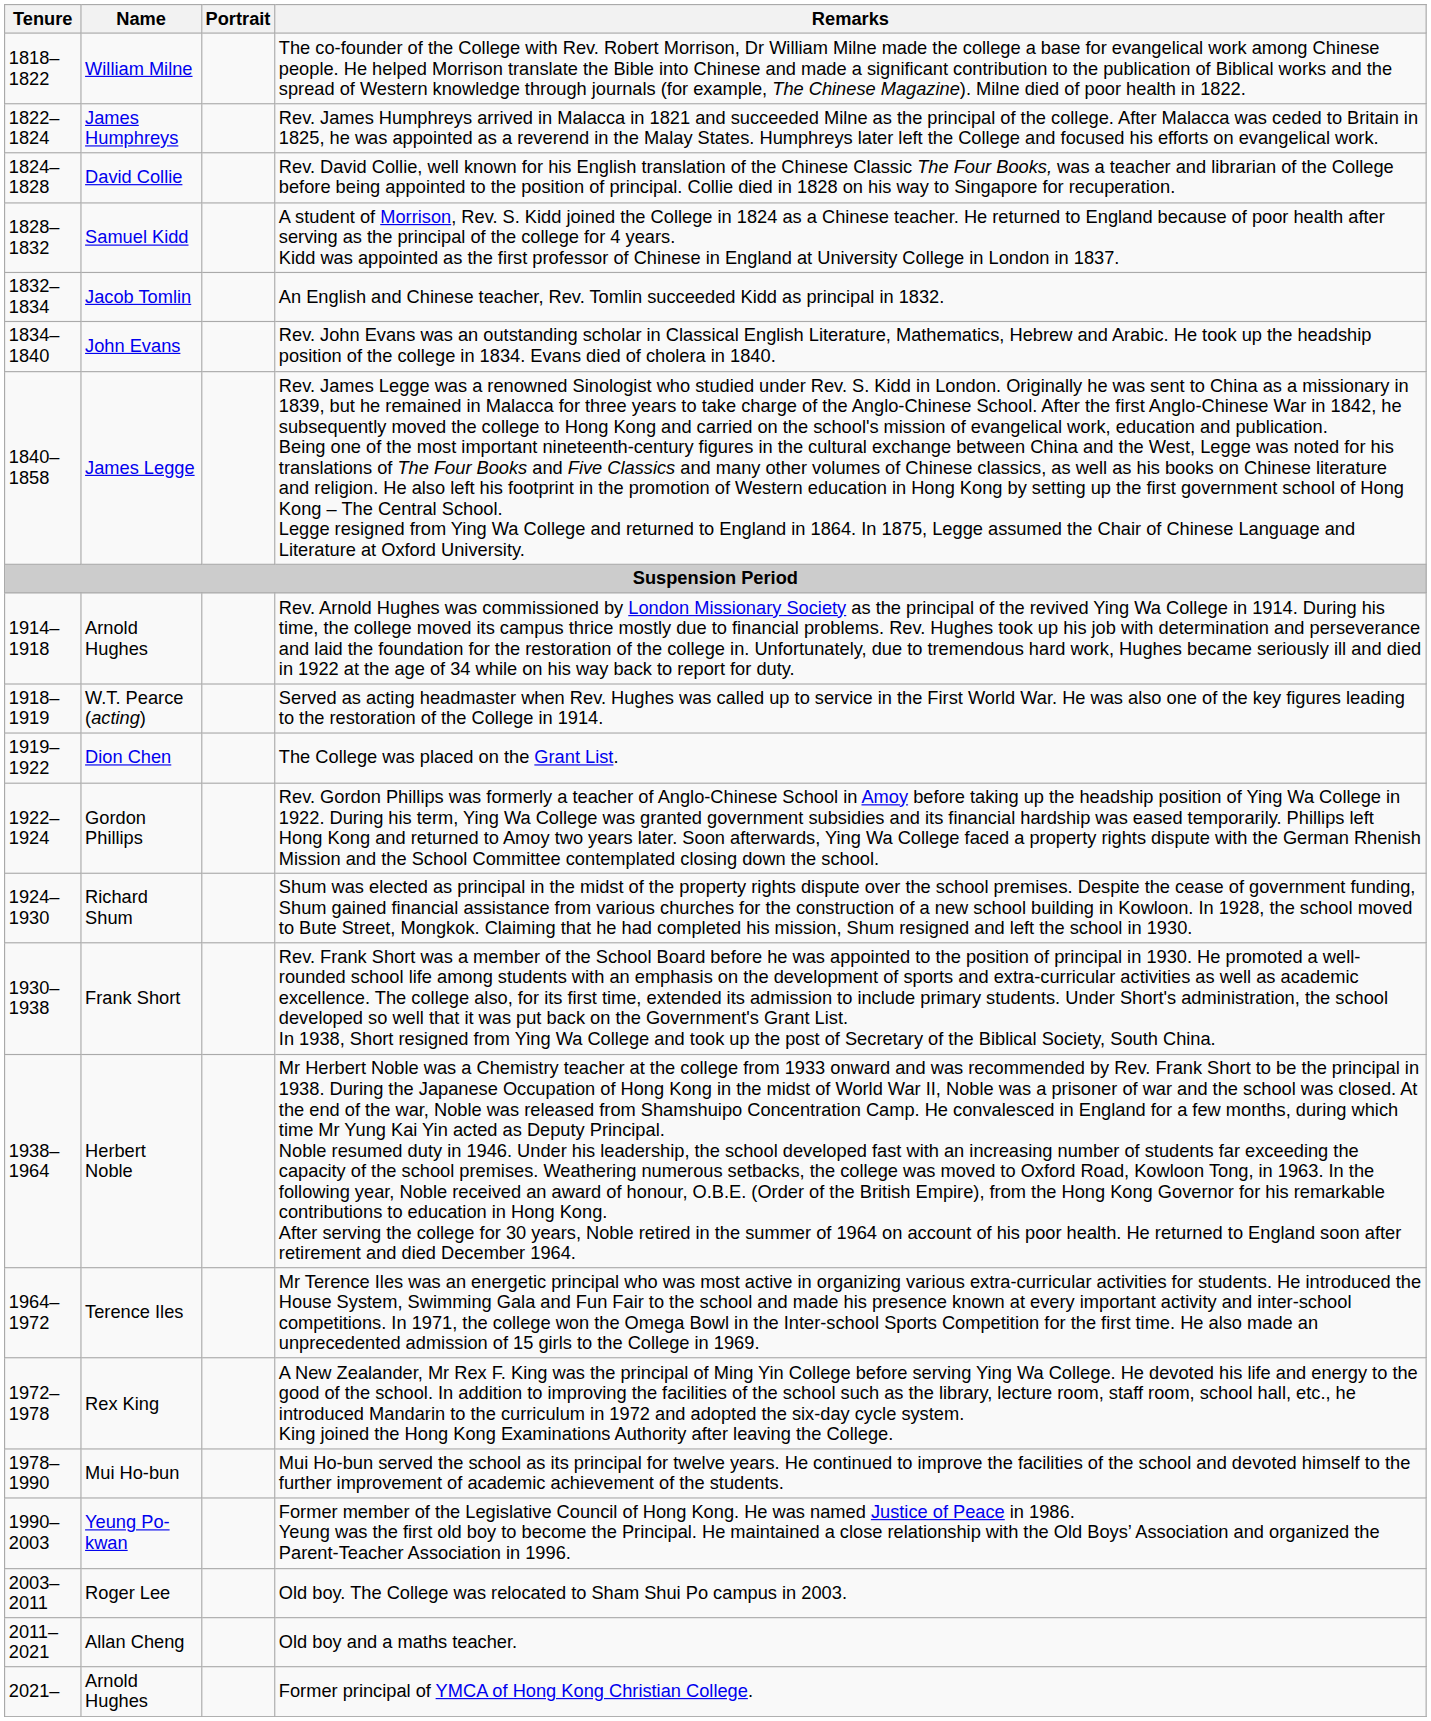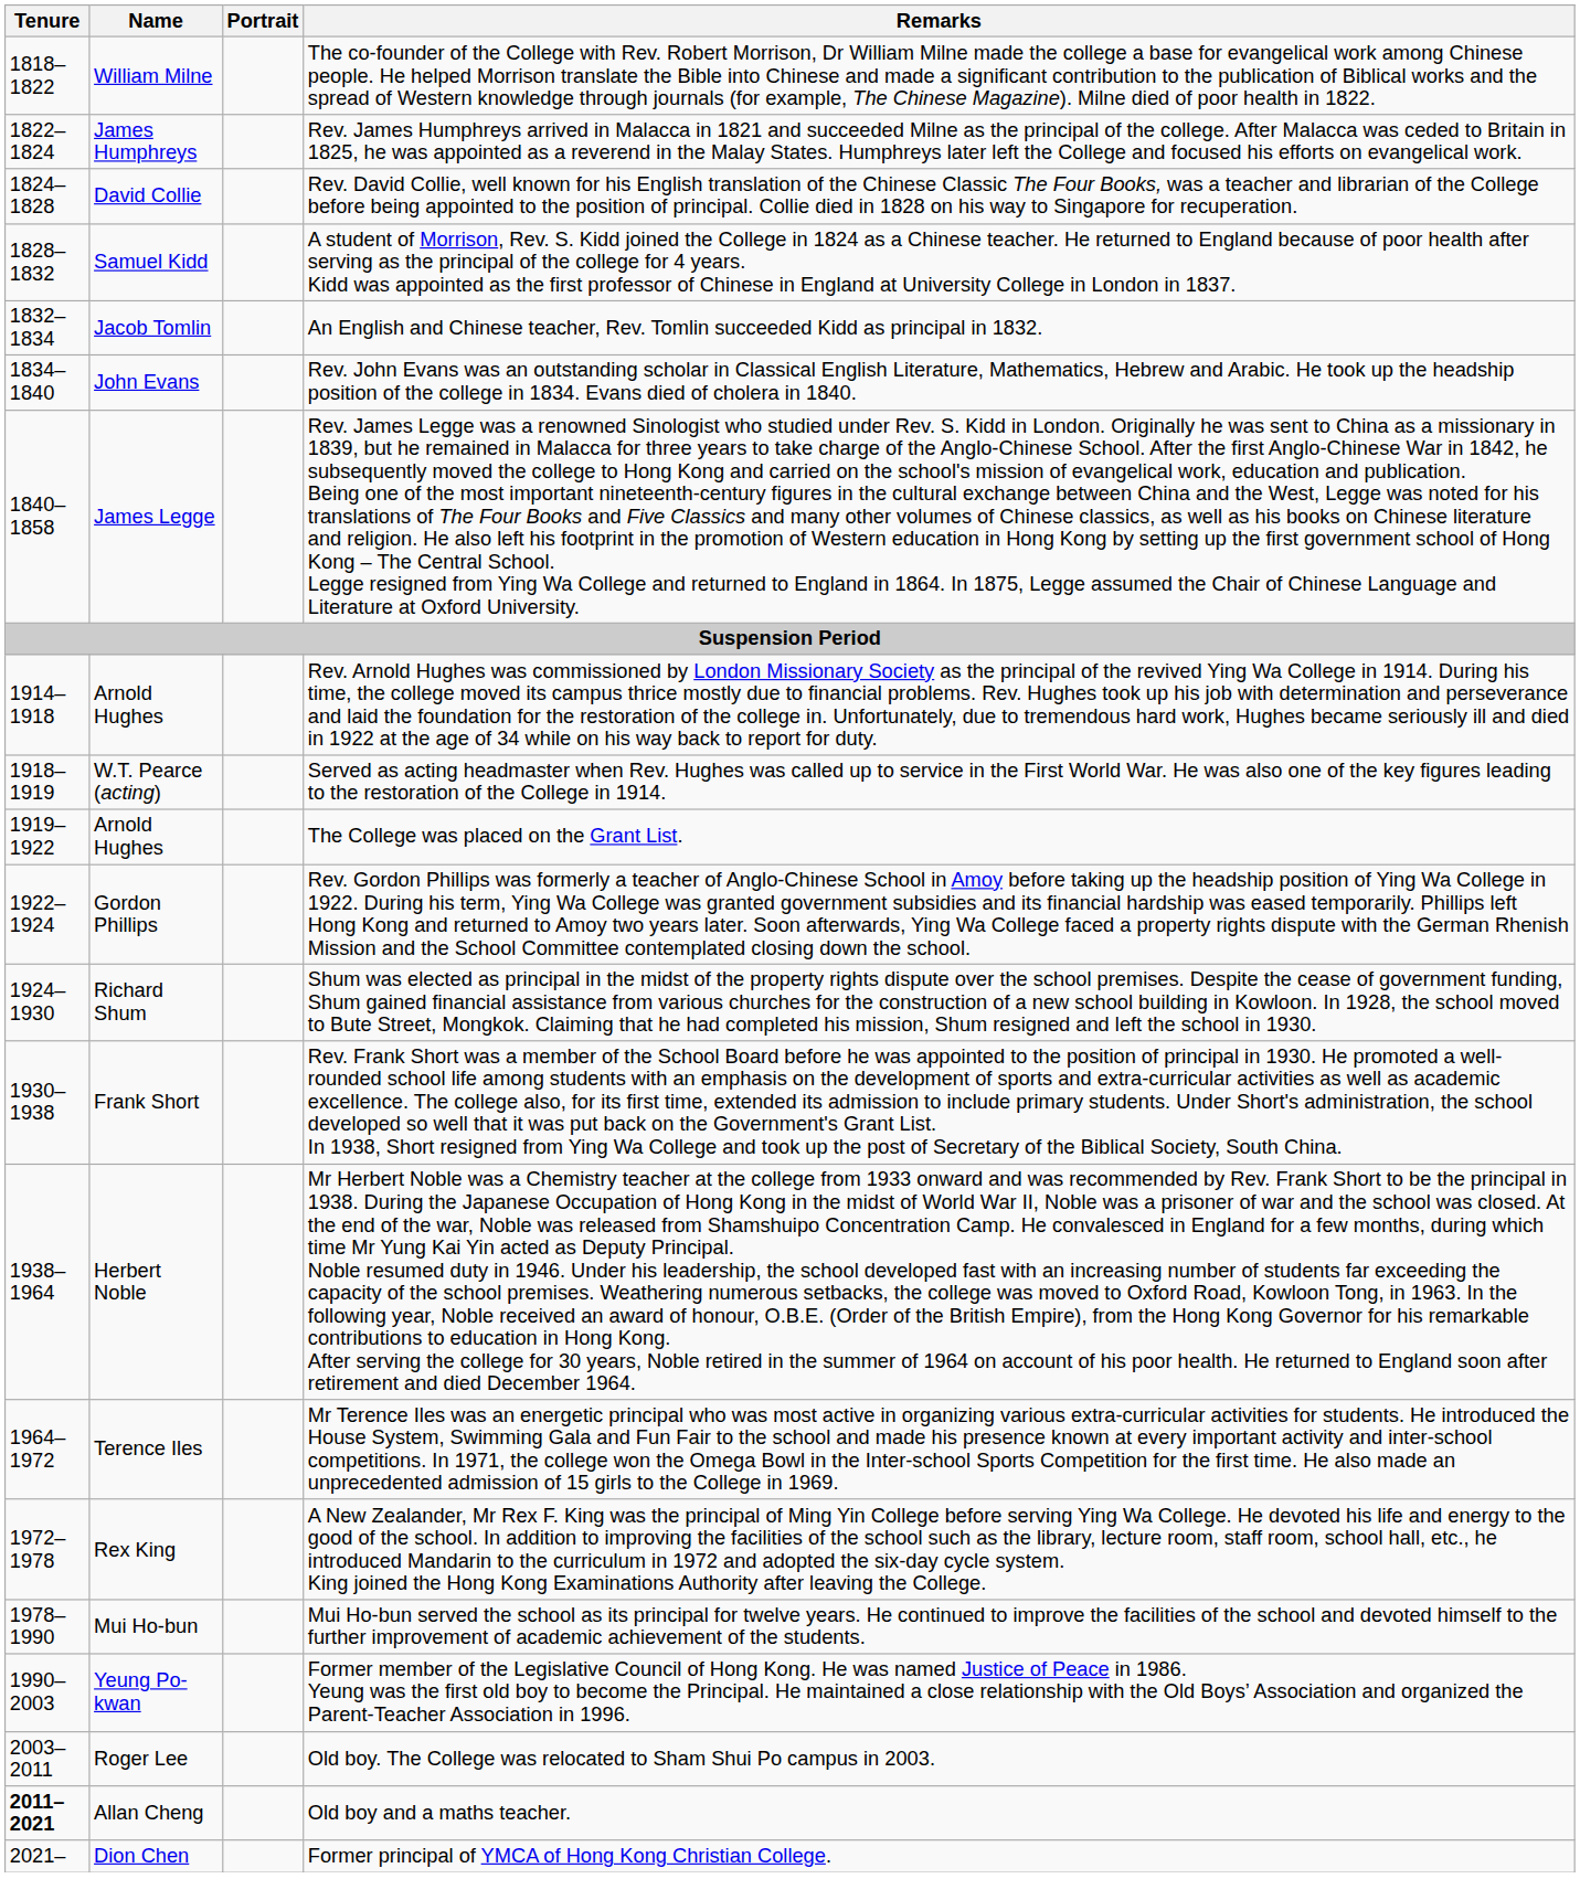 <table class="wikitable">
 <tr>
 <th>Tenure</th>
 <th>Name</th>
 <th><strong>Portrait</strong></th>
 <th>Remarks</th>
 </tr>
 <tr>
 <td>1818–1822</td>
 <td><a href='#'>William Milne</a></td>
 <td></td>
 <td>The co-founder of the College with Rev. Robert Morrison, Dr William Milne made the college a base for evangelical work among Chinese people. He helped Morrison translate the Bible into Chinese and made a significant contribution to the publication of Biblical works and the spread of Western knowledge through journals (for example, <em>The Chinese Magazine</em>). Milne died of poor health in 1822.</td>
 </tr>
 <tr>
 <td>1822–1824</td>
 <td><a href='#'>James Humphreys</a></td>
 <td></td>
 <td>Rev. James Humphreys arrived in Malacca in 1821 and succeeded Milne as the principal of the college. After Malacca was ceded to Britain in 1825, he was appointed as a reverend in the Malay States. Humphreys later left the College and focused his efforts on evangelical work.</td>
 </tr>
 <tr>
 <td>1824–1828</td>
 <td><a href='#'>David Collie</a></td>
 <td></td>
 <td>Rev. David Collie, well known for his English translation of the Chinese Classic <em>The Four Books,</em> was a teacher and librarian of the College before being appointed to the position of principal. Collie died in 1828 on his way to Singapore for recuperation.</td>
 </tr>
 <tr>
 <td>1828–1832</td>
 <td><a href='#'>Samuel Kidd</a></td>
 <td></td>
 <td>A student of <a href='#'>Morrison</a>, Rev. S. Kidd joined the College in 1824 as a Chinese teacher. He returned to England because of poor health after serving as the principal of the college for 4 years.<br>Kidd was appointed as the first professor of Chinese in England at University College in London in 1837.</td>
 </tr>
 <tr>
 <td>1832–1834</td>
 <td><a href='#'>Jacob Tomlin</a></td>
 <td></td>
 <td>An English and Chinese teacher, Rev. Tomlin succeeded Kidd as principal in 1832.</td>
 </tr>
 <tr>
 <td>1834–1840</td>
 <td><a href='#'>John Evans</a></td>
 <td></td>
 <td>Rev. John Evans was an outstanding scholar in Classical English Literature, Mathematics, Hebrew and Arabic. He took up the headship position of the college in 1834. Evans died of cholera in 1840.</td>
 </tr>
 <tr>
 <td>1840–1858</td>
 <td><a href='#'>James Legge</a></td>
 <td></td>
 <td>Rev. James Legge was a renowned Sinologist who studied under Rev. S. Kidd in London. Originally he was sent to China as a missionary in 1839, but he remained in Malacca for three years to take charge of the Anglo-Chinese School. After the first Anglo-Chinese War in 1842, he subsequently moved the college to Hong Kong and carried on the school's mission of evangelical work, education and publication.<br>Being one of the most important nineteenth-century figures in the cultural exchange between China and the West, Legge was noted for his translations of <em>The Four Books</em> and <em>Five Classics</em> and many other volumes of Chinese classics, as well as his books on Chinese literature and religion. He also left his footprint in the promotion of Western education in Hong Kong by setting up the first government school of Hong Kong – The Central School.<br>Legge resigned from Ying Wa College and returned to England in 1864. In 1875, Legge assumed the Chair of Chinese Language and Literature at Oxford University.</td>
 </tr>
 <tr>
 <td colspan="7" style="text-align:center" bgcolor="#CCCCCC"><strong>Suspension Period</strong></td>
 </tr>
 <tr>
 <td>1914–1918</td>
 <td>Arnold Hughes</td>
 <td></td>
 <td>Rev. Arnold Hughes was commissioned by <a href='#'>London Missionary Society</a> as the principal of the revived Ying Wa College in 1914. During his time, the college moved its campus thrice mostly due to financial problems. Rev. Hughes took up his job with determination and perseverance and laid the foundation for the restoration of the college in. Unfortunately, due to tremendous hard work, Hughes became seriously ill and died in 1922 at the age of 34 while on his way back to report for duty.</td>
 </tr>
 <tr>
 <td>1918–1919</td>
 <td>W.T. Pearce (<em>acting</em>)</td>
 <td></td>
 <td>Served as acting headmaster when Rev. Hughes was called up to service in the First World War. He was also one of the key figures leading to the restoration of the College in 1914.</td>
 </tr>
 <tr>
 <td>1919–1922</td>
-<td><a href='#'>Dion Chen</a></td>
+<td>Arnold Hughes</td>
 <td></td>
 <td>The College was placed on the <a href='#'>Grant List</a>.</td>
 </tr>
 <tr>
 <td>1922–1924</td>
 <td>Gordon Phillips</td>
 <td></td>
 <td>Rev. Gordon Phillips was formerly a teacher of Anglo-Chinese School in <a href='#'>Amoy</a> before taking up the headship position of Ying Wa College in 1922. During his term, Ying Wa College was granted government subsidies and its financial hardship was eased temporarily. Phillips left Hong Kong and returned to Amoy two years later. Soon afterwards, Ying Wa College faced a property rights dispute with the German Rhenish Mission and the School Committee contemplated closing down the school.</td>
 </tr>
 <tr>
 <td>1924–1930</td>
 <td>Richard Shum</td>
 <td></td>
 <td>Shum was elected as principal in the midst of the property rights dispute over the school premises. Despite the cease of government funding, Shum gained financial assistance from various churches for the construction of a new school building in Kowloon. In 1928, the school moved to Bute Street, Mongkok. Claiming that he had completed his mission, Shum resigned and left the school in 1930.</td>
 </tr>
 <tr>
 <td>1930–1938</td>
 <td>Frank Short</td>
 <td></td>
 <td>Rev. Frank Short was a member of the School Board before he was appointed to the position of principal in 1930. He promoted a well-rounded school life among students with an emphasis on the development of sports and extra-curricular activities as well as academic excellence. The college also, for its first time, extended its admission to include primary students. Under Short's administration, the school developed so well that it was put back on the Government's Grant List.<br>In 1938, Short resigned from Ying Wa College and took up the post of Secretary of the Biblical Society, South China.</td>
 </tr>
 <tr>
 <td>1938–1964</td>
 <td>Herbert Noble</td>
 <td></td>
 <td>Mr Herbert Noble was a Chemistry teacher at the college from 1933 onward and was recommended by Rev. Frank Short to be the principal in 1938. During the Japanese Occupation of Hong Kong in the midst of World War II, Noble was a prisoner of war and the school was closed. At the end of the war, Noble was released from Shamshuipo Concentration Camp. He convalesced in England for a few months, during which time Mr Yung Kai Yin acted as Deputy Principal.<br>Noble resumed duty in 1946. Under his leadership, the school developed fast with an increasing number of students far exceeding the capacity of the school premises. Weathering numerous setbacks, the college was moved to Oxford Road, Kowloon Tong, in 1963. In the following year, Noble received an award of honour, O.B.E. (Order of the British Empire), from the Hong Kong Governor for his remarkable contributions to education in Hong Kong.<br>After serving the college for 30 years, Noble retired in the summer of 1964 on account of his poor health. He returned to England soon after retirement and died December 1964.</td>
 </tr>
 <tr>
 <td>1964–1972</td>
 <td>Terence Iles</td>
 <td></td>
 <td>Mr Terence Iles was an energetic principal who was most active in organizing various extra-curricular activities for students. He introduced the House System, Swimming Gala and Fun Fair to the school and made his presence known at every important activity and inter-school competitions. In 1971, the college won the Omega Bowl in the Inter-school Sports Competition for the first time. He also made an unprecedented admission of 15 girls to the College in 1969.</td>
 </tr>
 <tr>
 <td>1972–1978</td>
 <td>Rex King</td>
 <td></td>
 <td>A New Zealander, Mr Rex F. King was the principal of Ming Yin College before serving Ying Wa College. He devoted his life and energy to the good of the school. In addition to improving the facilities of the school such as the library, lecture room, staff room, school hall, etc., he introduced Mandarin to the curriculum in 1972 and adopted the six-day cycle system.<br>King joined the Hong Kong Examinations Authority after leaving the College.</td>
 </tr>
 <tr>
 <td>1978–1990</td>
 <td>Mui Ho-bun</td>
 <td></td>
 <td>Mui Ho-bun served the school as its principal for twelve years. He continued to improve the facilities of the school and devoted himself to the further improvement of academic achievement of the students.</td>
 </tr>
 <tr>
 <td>1990–2003</td>
 <td><a href='#'>Yeung Po-kwan</a></td>
 <td></td>
 <td>Former member of the Legislative Council of Hong Kong. He was named <a href='#'>Justice of Peace</a> in 1986. <br>Yeung was the first old boy to become the Principal. He maintained a close relationship with the Old Boys’ Association and organized the Parent-Teacher Association in 1996.</td>
 </tr>
 <tr>
 <td>2003–2011</td>
 <td>Roger Lee</td>
 <td></td>
 <td>Old boy. The College was relocated to Sham Shui Po campus in 2003.</td>
 </tr>
 <tr>
-<td>2011–2021</td>
+<td><strong>2011–2021</strong></td>
 <td>Allan Cheng</td>
 <td></td>
 <td>Old boy and a maths teacher.</td>
 </tr>
 <tr>
 <td>2021–</td>
-<td>Arnold Hughes</td>
+<td><a href='#'>Dion Chen</a></td>
 <td></td>
 <td>Former principal of <a href='#'>YMCA of Hong Kong Christian College</a>.</td>
 </tr>
 <tr>
 </tr>
 </table>
